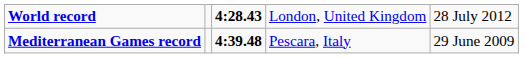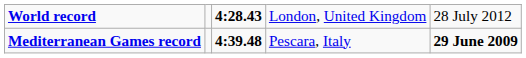 <table class="wikitable">
 <tr>
 <td><strong><a href='#'>World record</a></strong></td>
 <td></td>
 <td><strong>4:28.43</strong></td>
 <td><a href='#'>London</a>, <a href='#'>United Kingdom</a></td>
 <td>28 July 2012</td>
 </tr>
 <tr>
 <td><strong><a href='#'>Mediterranean Games record</a></strong></td>
 <td></td>
 <td><strong>4:39.48</strong></td>
 <td><a href='#'>Pescara</a>, <a href='#'>Italy</a></td>
-<td>29 June 2009</td>
+<td><strong>29 June 2009</strong></td>
 </tr>
 </table>
